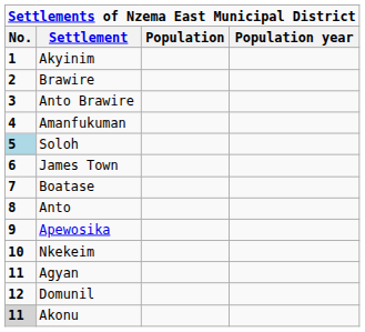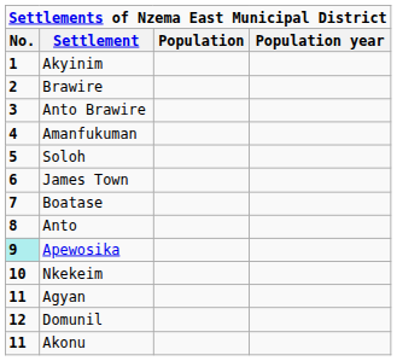 <table class="wikitable sortable">
 <tr>
 <td colspan="4"><strong><a href='#'>Settlements</a> of Nzema East Municipal District</strong></td>
 </tr>
 <tr>
 <th>No.</th>
 <th><a href='#'>Settlement</a></th>
 <th>Population</th>
 <th>Population year</th>
 </tr>
 <tr>
 <td><strong>1</strong></td>
 <td>Akyinim</td>
 <td></td>
 <td></td>
 </tr>
 <tr>
 <td><strong>2</strong></td>
 <td>Brawire</td>
 <td></td>
 <td></td>
 </tr>
 <tr>
 <td><strong>3</strong></td>
 <td>Anto Brawire</td>
 <td></td>
 <td></td>
 </tr>
 <tr>
 <td><strong>4</strong></td>
 <td>Amanfukuman</td>
 <td></td>
 <td></td>
 </tr>
 <tr>
-<td style="background: lightblue;"><strong>5</strong></td>
+<td><strong>5</strong></td>
 <td>Soloh</td>
 <td></td>
 <td></td>
 </tr>
 <tr>
 <td><strong>6</strong></td>
 <td>James Town</td>
 <td></td>
 <td></td>
 </tr>
 <tr>
 <td><strong>7</strong></td>
 <td>Boatase</td>
 <td></td>
 <td></td>
 </tr>
 <tr>
 <td><strong>8</strong></td>
 <td>Anto</td>
 <td></td>
 <td></td>
 </tr>
 <tr>
-<td><strong>9</strong></td>
+<td style="background: paleturquoise;"><strong>9</strong></td>
 <td><a href='#'>Apewosika</a></td>
 <td></td>
 <td></td>
 </tr>
 <tr>
 <td><strong>10</strong></td>
 <td>Nkekeim</td>
 <td></td>
 <td></td>
 </tr>
 <tr>
 <td><strong>11</strong></td>
 <td>Agyan</td>
 <td></td>
 <td></td>
 </tr>
 <tr>
 <td><strong>12</strong></td>
 <td>Domunil</td>
 <td></td>
 <td></td>
 </tr>
 <tr>
-<td style="background: lightgrey;"><strong>11</strong></td>
+<td><strong>11</strong></td>
 <td>Akonu</td>
 <td></td>
 <td></td>
 </tr>
 </table>
